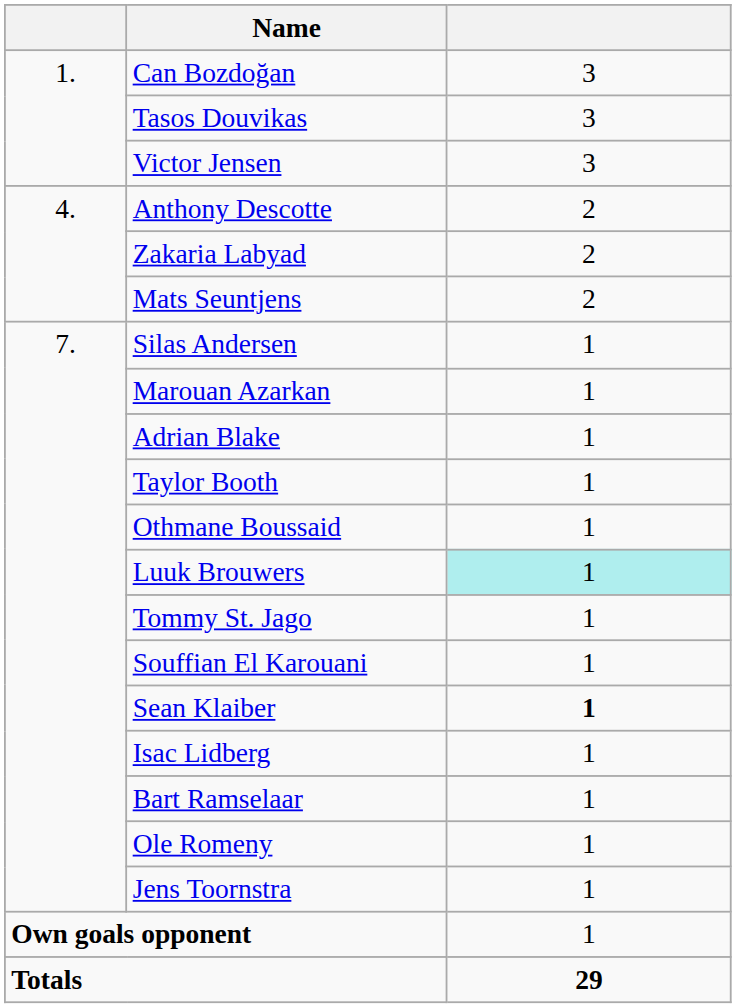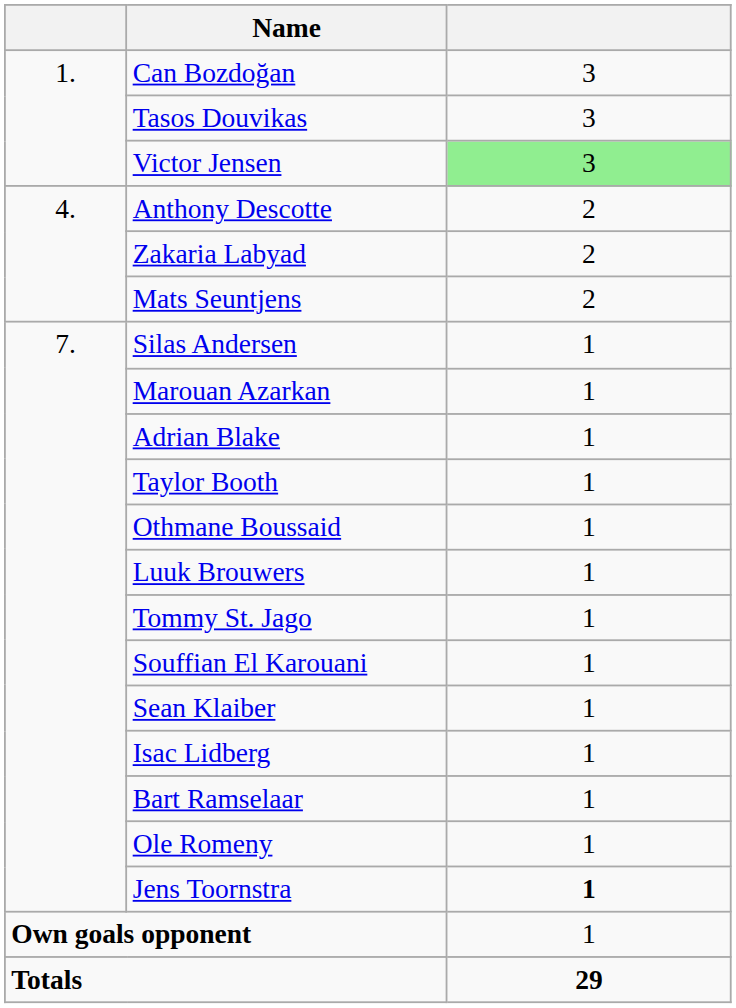 <table class="wikitable" style="font-size: 95%; text-align: center;">
 <tr>
 <th style="width: 60px;"></th>
 <th style="width: 170px;">Name</th>
 <th style="width: 150px;"></th>
 </tr>
 <tr>
 <td rowspan="3" style="vertical-align: top;">1.</td>
 <td style="text-align: left;"><strong></strong> <a href='#'>Can Bozdoğan</a></td>
 <td>3</td>
 </tr>
 <tr>
 <td style="text-align: left;"><strong></strong> <a href='#'>Tasos Douvikas</a></td>
 <td>3</td>
 </tr>
 <tr>
 <td style="text-align: left;"><strong></strong> <a href='#'>Victor Jensen</a></td>
-<td>3</td>
+<td style="background: lightgreen;">3</td>
 </tr>
 <tr>
 <td rowspan="3" style="vertical-align: top;">4.</td>
 <td style="text-align: left;"><strong></strong> <a href='#'>Anthony Descotte</a></td>
 <td>2</td>
 </tr>
 <tr>
 <td style="text-align: left;"><strong></strong> <a href='#'>Zakaria Labyad</a></td>
 <td>2</td>
 </tr>
 <tr>
 <td style="text-align: left;"><strong></strong> <a href='#'>Mats Seuntjens</a></td>
 <td>2</td>
 </tr>
 <tr>
 <td rowspan="13" style="vertical-align: top;">7.</td>
 <td style="text-align: left;"><strong></strong> <a href='#'>Silas Andersen</a></td>
 <td>1</td>
 </tr>
 <tr>
 <td style="text-align: left;"><strong></strong> <a href='#'>Marouan Azarkan</a></td>
 <td>1</td>
 </tr>
 <tr>
 <td style="text-align: left;"><strong></strong> <a href='#'>Adrian Blake</a></td>
 <td>1</td>
 </tr>
 <tr>
 <td style="text-align: left;"><strong></strong> <a href='#'>Taylor Booth</a></td>
 <td>1</td>
 </tr>
 <tr>
 <td style="text-align: left;"><strong></strong> <a href='#'>Othmane Boussaid</a></td>
 <td>1</td>
 </tr>
 <tr>
 <td style="text-align: left;"><strong></strong> <a href='#'>Luuk Brouwers</a></td>
-<td style="background: paleturquoise;">1</td>
+<td>1</td>
 </tr>
 <tr>
 <td style="text-align: left;"><strong></strong> <a href='#'>Tommy St. Jago</a></td>
 <td>1</td>
 </tr>
 <tr>
 <td style="text-align: left;"><strong></strong> <a href='#'>Souffian El Karouani</a></td>
 <td>1</td>
 </tr>
 <tr>
 <td style="text-align: left;"><strong></strong> <a href='#'>Sean Klaiber</a></td>
-<td><strong>1</strong></td>
+<td>1</td>
 </tr>
 <tr>
 <td style="text-align: left;"><strong></strong> <a href='#'>Isac Lidberg</a></td>
 <td>1</td>
 </tr>
 <tr>
 <td style="text-align: left;"><strong></strong> <a href='#'>Bart Ramselaar</a></td>
 <td>1</td>
 </tr>
 <tr>
 <td style="text-align: left;"><strong></strong> <a href='#'>Ole Romeny</a></td>
 <td>1</td>
 </tr>
 <tr>
 <td style="text-align: left;"><strong></strong> <a href='#'>Jens Toornstra</a></td>
-<td>1</td>
+<td><strong>1</strong></td>
 </tr>
 <tr>
 <td colspan="2" style="text-align: left;"><strong>Own goals opponent</strong></td>
 <td>1</td>
 </tr>
 <tr>
 <td colspan="2" style="text-align: left;"><strong>Totals</strong></td>
 <td><strong>29</strong></td>
 </tr>
 </table>
